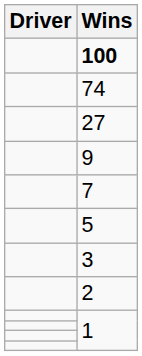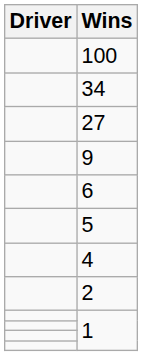 <table class="wikitable">
 <tr>
 <th>Driver</th>
 <th>Wins</th>
 </tr>
 <tr>
 <td></td>
-<td><strong>100</strong></td>
+<td>100</td>
 </tr>
 <tr>
 <td></td>
-<td>74</td>
+<td>34</td>
 </tr>
 <tr>
 <td></td>
 <td>27</td>
 </tr>
 <tr>
 <td></td>
 <td>9</td>
 </tr>
 <tr>
 <td></td>
-<td>7</td>
+<td>6</td>
 </tr>
 <tr>
 <td></td>
 <td>5</td>
 </tr>
 <tr>
 <td></td>
-<td>3</td>
+<td>4</td>
 </tr>
 <tr>
 <td></td>
 <td>2</td>
 </tr>
 <tr>
 <td></td>
 <td rowspan=4>1</td>
 </tr>
 <tr>
 <td></td>
 </tr>
 <tr>
 <td></td>
 </tr>
 <tr>
 <td></td>
 </tr>
 </table>
